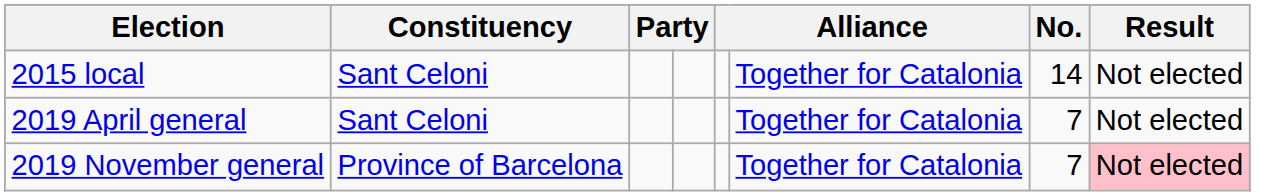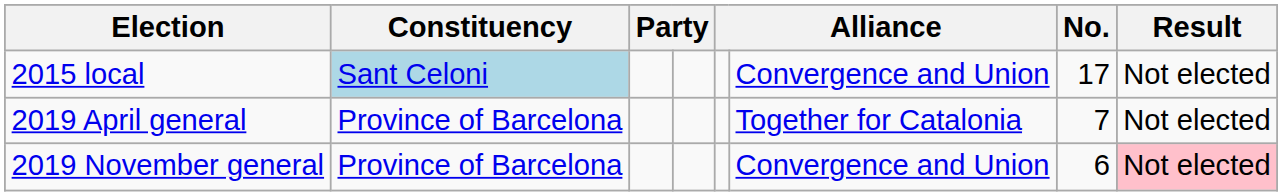 <table class="wikitable" style="text-align:left;">
 <tr>
 <th scope=col>Election</th>
 <th scope=col>Constituency</th>
 <th scope=col colspan="2">Party</th>
 <th scope=col colspan="2">Alliance</th>
 <th scope=col>No.</th>
 <th scope=col>Result</th>
 </tr>
 <tr>
 <td><a href='#'>2015 local</a></td>
-<td><a href='#'>Sant Celoni</a></td>
+<td style="background: lightblue;"><a href='#'>Sant Celoni</a></td>
 <td></td>
 <td></td>
 <td style="background:"></td>
-<td><a href='#'>Together for Catalonia</a></td>
-<td align=right>14</td>
+<td><a href='#'>Convergence and Union</a></td>
+<td align=right>17</td>
 <td>Not elected</td>
 </tr>
 <tr>
 <td><a href='#'>2019 April general</a></td>
-<td><a href='#'>Sant Celoni</a></td>
+<td><a href='#'>Province of Barcelona</a></td>
 <td></td>
 <td></td>
 <td style="background:"></td>
 <td><a href='#'>Together for Catalonia</a></td>
 <td align=right>7</td>
 <td>Not elected</td>
 </tr>
 <tr>
 <td><a href='#'>2019 November general</a></td>
 <td><a href='#'>Province of Barcelona</a></td>
 <td></td>
 <td></td>
 <td style="background:"></td>
-<td><a href='#'>Together for Catalonia</a></td>
-<td align=right>7</td>
+<td><a href='#'>Convergence and Union</a></td>
+<td align=right>6</td>
 <td style="background: pink;">Not elected</td>
 </tr>
 </table>
